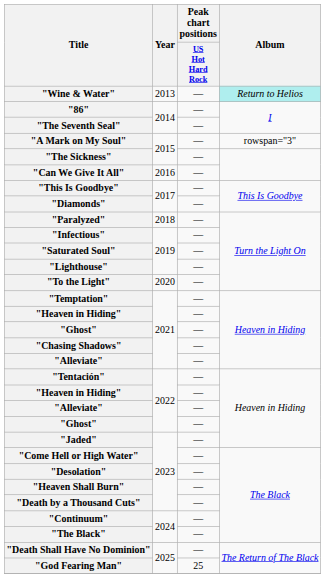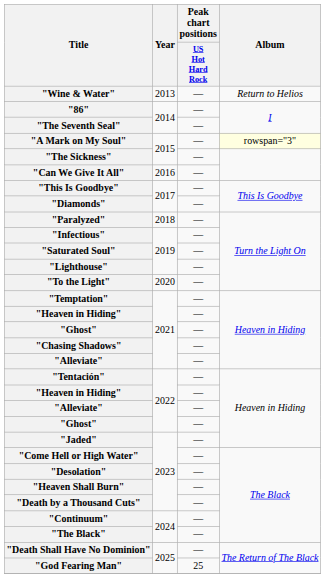 <table class="wikitable plainrowheaders" style="text-align:center;">
 <tr>
 <th scope="col" rowspan="2">Title</th>
 <th scope="col" rowspan="2">Year</th>
 <th scope="col" colspan="1">Peak chart positions</th>
 <th scope="col" rowspan="2">Album</th>
 </tr>
 <tr style="font-size:smaller">
 <th scope="col" style="width:30px;"><a href='#'>US<br>Hot<br>Hard<br>Rock</a></th>
 </tr>
 <tr>
 <th scope="row">"Wine & Water"</th>
 <td>2013</td>
 <td>—</td>
-<td style="background: paleturquoise;"><em>Return to Helios</em></td>
+<td><em>Return to Helios</em></td>
 </tr>
 <tr>
 <th scope="row">"86"</th>
 <td rowspan="2">2014</td>
 <td>—</td>
 <td rowspan="2"><em><a href='#'>I</a></em></td>
 </tr>
 <tr>
 <th scope="row">"The Seventh Seal"</th>
 <td>—</td>
 </tr>
 <tr>
 <th scope="row">"A Mark on My Soul"</th>
 <td rowspan="2">2015</td>
 <td>—</td>
-<td>rowspan="3" </td>
+<td style="background: lightyellow;">rowspan="3" </td>
 </tr>
 <tr>
 <th scope="row">"The Sickness"</th>
 <td>—</td>
 </tr>
 <tr>
 <th scope="row">"Can We Give It All"</th>
 <td>2016</td>
 <td>—</td>
 </tr>
 <tr>
 <th scope="row">"This Is Goodbye"</th>
 <td rowspan="2">2017</td>
 <td>—</td>
 <td rowspan="2"><em><a href='#'>This Is Goodbye</a></em></td>
 </tr>
 <tr>
 <th scope="row">"Diamonds"</th>
 <td>—</td>
 </tr>
 <tr>
 <th scope="row">"Paralyzed"</th>
 <td>2018</td>
 <td>—</td>
 <td rowspan="5"><em><a href='#'>Turn the Light On</a></em></td>
 </tr>
 <tr>
 <th scope="row">"Infectious"</th>
 <td rowspan="3">2019</td>
 <td>—</td>
 </tr>
 <tr>
 <th scope="row">"Saturated Soul"</th>
 <td>—</td>
 </tr>
 <tr>
 <th scope="row">"Lighthouse"</th>
 <td>—</td>
 </tr>
 <tr>
 <th scope="row">"To the Light"</th>
 <td>2020</td>
 <td>—</td>
 </tr>
 <tr>
 <th scope="row">"Temptation"</th>
 <td rowspan="5">2021</td>
 <td>—</td>
 <td rowspan="5"><em><a href='#'>Heaven in Hiding</a></em></td>
 </tr>
 <tr>
 <th scope="row">"Heaven in Hiding"</th>
 <td>—</td>
 </tr>
 <tr>
 <th scope="row">"Ghost"</th>
 <td>—</td>
 </tr>
 <tr>
 <th scope="row">"Chasing Shadows"</th>
 <td>—</td>
 </tr>
 <tr>
 <th scope="row">"Alleviate"</th>
 <td>—</td>
 </tr>
 <tr>
 <th scope="row">"Tentación"</th>
 <td rowspan="4">2022</td>
 <td>—</td>
 <td rowspan="5"><em>Heaven in Hiding <br> </em></td>
 </tr>
 <tr>
 <th scope="row">"Heaven in Hiding" </th>
 <td>—</td>
 </tr>
 <tr>
 <th scope="row">"Alleviate" </th>
 <td>—</td>
 </tr>
 <tr>
 <th scope="row">"Ghost" </th>
 <td>—</td>
 </tr>
 <tr>
 <th scope="row">"Jaded"</th>
 <td rowspan="5">2023</td>
 <td>—</td>
 </tr>
 <tr>
 <th scope="row">"Come Hell or High Water"</th>
 <td>—</td>
 <td rowspan="6"><em><a href='#'>The Black</a></em></td>
 </tr>
 <tr>
 <th scope="row">"Desolation"</th>
 <td>—</td>
 </tr>
 <tr>
 <th scope="row">"Heaven Shall Burn"</th>
 <td>—</td>
 </tr>
 <tr>
 <th scope="row">"Death by a Thousand Cuts"</th>
 <td>—</td>
 </tr>
 <tr>
 <th scope="row">"Continuum"</th>
 <td rowspan="2">2024</td>
 <td>—</td>
 </tr>
 <tr>
 <th scope="row">"The Black"</th>
 <td>—</td>
 </tr>
 <tr>
 <th scope="row">"Death Shall Have No Dominion"</th>
 <td rowspan="2">2025</td>
 <td>—</td>
 <td rowspan="2"><em><a href='#'>The Return of The Black</a></em></td>
 </tr>
 <tr>
 <th scope="row">"God Fearing Man"</th>
 <td>25</td>
 </tr>
 <tr>
 </tr>
 </table>
